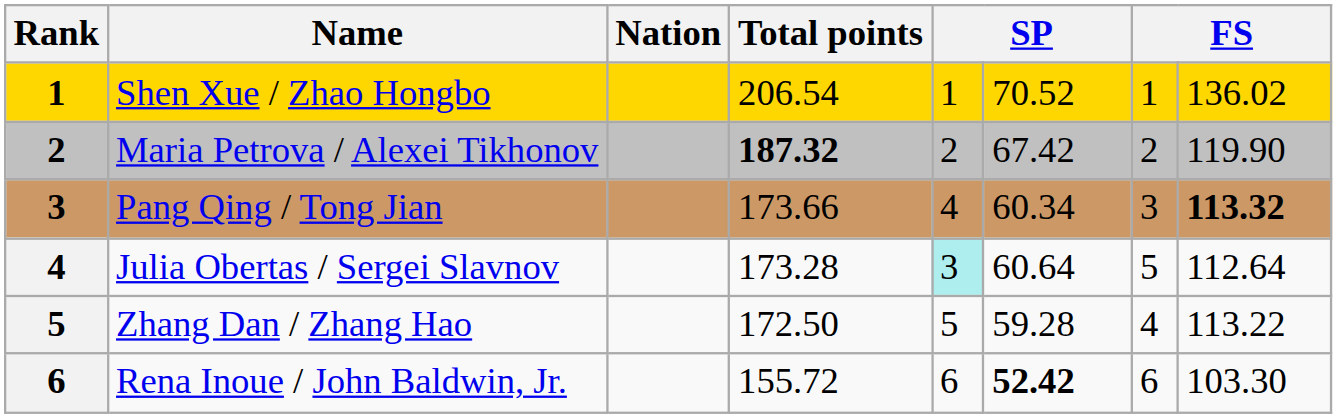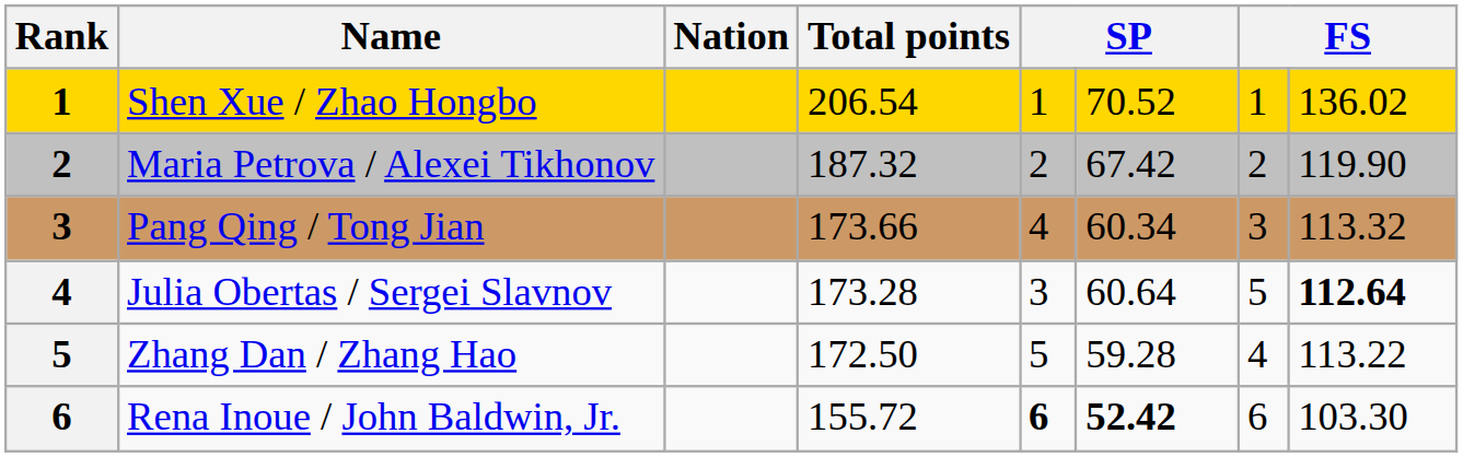 <table class="wikitable">
 <tr>
 <th>Rank</th>
 <th>Name</th>
 <th>Nation</th>
 <th>Total points</th>
 <th colspan="2" width="80px"><a href='#'>SP</a></th>
 <th colspan="2" width="80px"><a href='#'>FS</a></th>
 </tr>
 <tr bgcolor="gold">
 <td align="center"><strong>1</strong></td>
 <td><a href='#'>Shen Xue</a> / <a href='#'>Zhao Hongbo</a></td>
 <td></td>
 <td>206.54</td>
 <td>1</td>
 <td>70.52</td>
 <td>1</td>
 <td>136.02</td>
 </tr>
 <tr bgcolor="silver">
 <td align="center"><strong>2</strong></td>
 <td><a href='#'>Maria Petrova</a> / <a href='#'>Alexei Tikhonov</a></td>
 <td></td>
-<td><strong>187.32</strong></td>
+<td>187.32</td>
 <td>2</td>
 <td>67.42</td>
 <td>2</td>
 <td>119.90</td>
 </tr>
 <tr bgcolor="cc9966">
 <td align="center"><strong>3</strong></td>
 <td><a href='#'>Pang Qing</a> / <a href='#'>Tong Jian</a></td>
 <td></td>
 <td>173.66</td>
 <td>4</td>
 <td>60.34</td>
 <td>3</td>
-<td><strong>113.32</strong></td>
+<td>113.32</td>
 </tr>
 <tr>
 <th>4</th>
 <td><a href='#'>Julia Obertas</a> / <a href='#'>Sergei Slavnov</a></td>
 <td></td>
 <td>173.28</td>
-<td style="background: paleturquoise;">3</td>
+<td>3</td>
 <td>60.64</td>
 <td>5</td>
-<td>112.64</td>
+<td><strong>112.64</strong></td>
 </tr>
 <tr>
 <th>5</th>
 <td><a href='#'>Zhang Dan</a> / <a href='#'>Zhang Hao</a></td>
 <td></td>
 <td>172.50</td>
 <td>5</td>
 <td>59.28</td>
 <td>4</td>
 <td>113.22</td>
 </tr>
 <tr>
 <th>6</th>
 <td><a href='#'>Rena Inoue</a> / <a href='#'>John Baldwin, Jr.</a></td>
 <td></td>
 <td>155.72</td>
-<td>6</td>
+<td><strong>6</strong></td>
 <td><strong>52.42</strong></td>
 <td>6</td>
 <td>103.30</td>
 </tr>
 </table>
